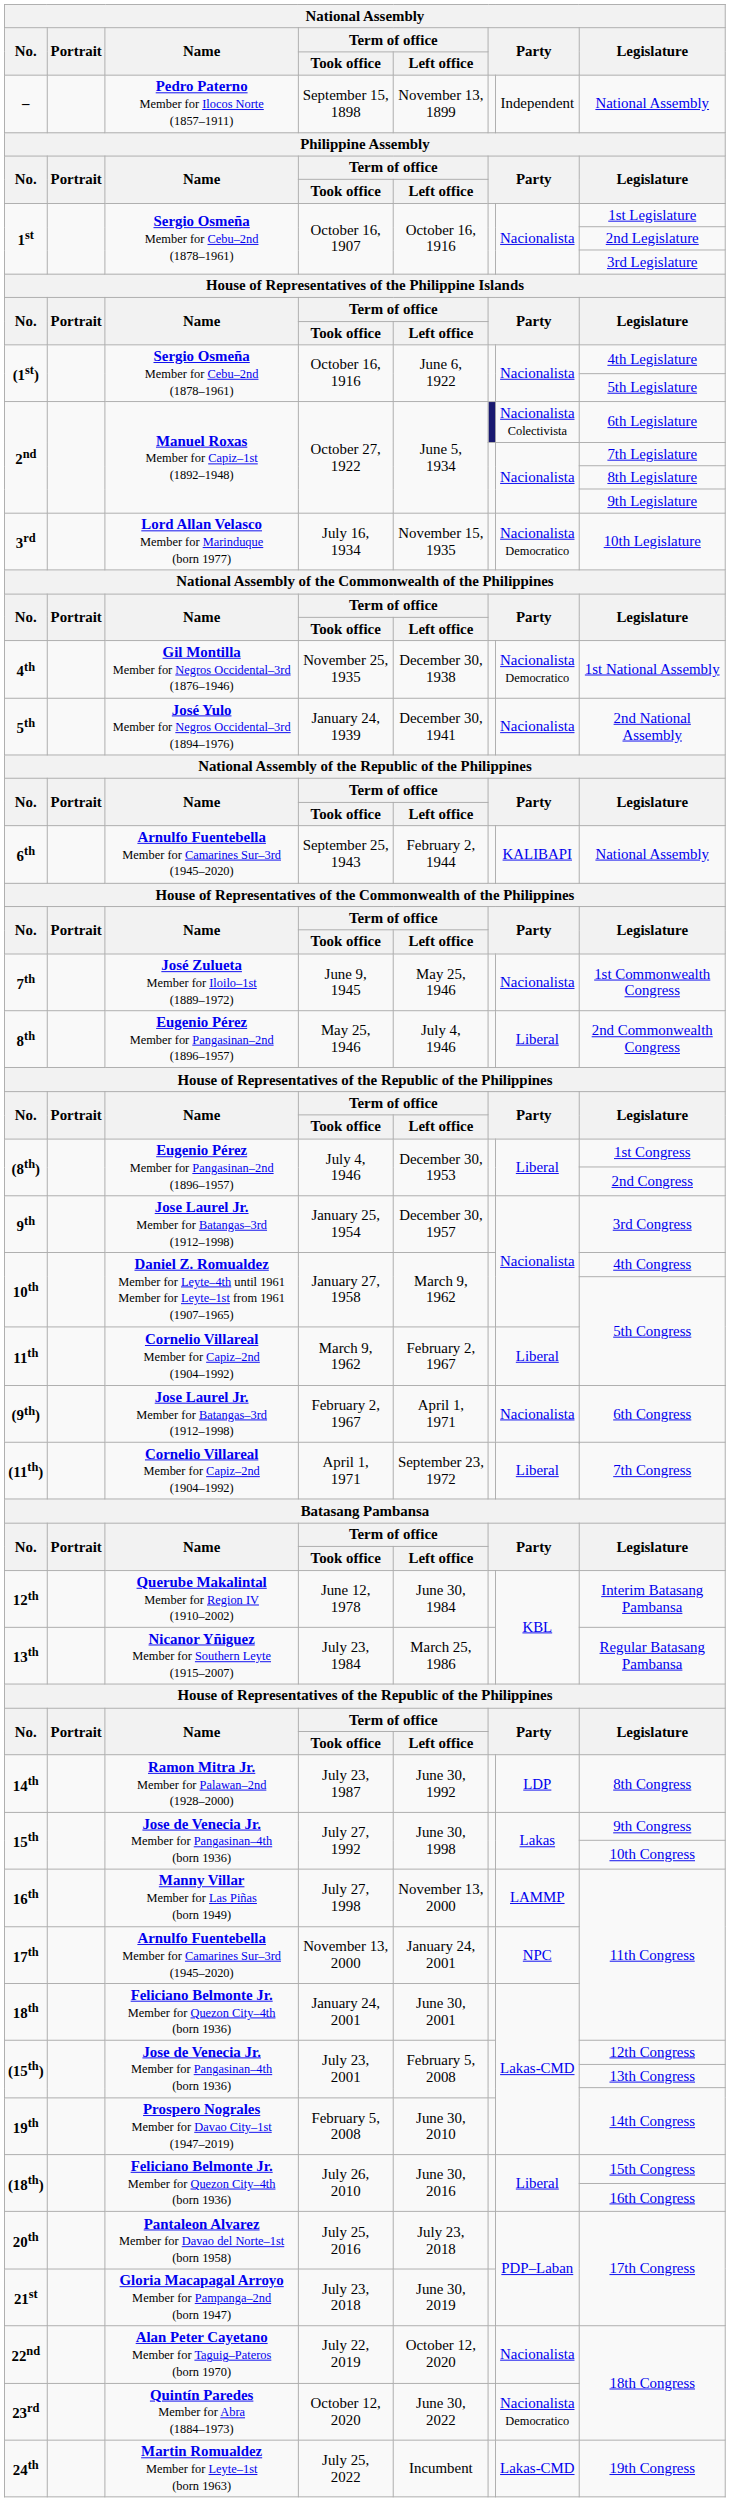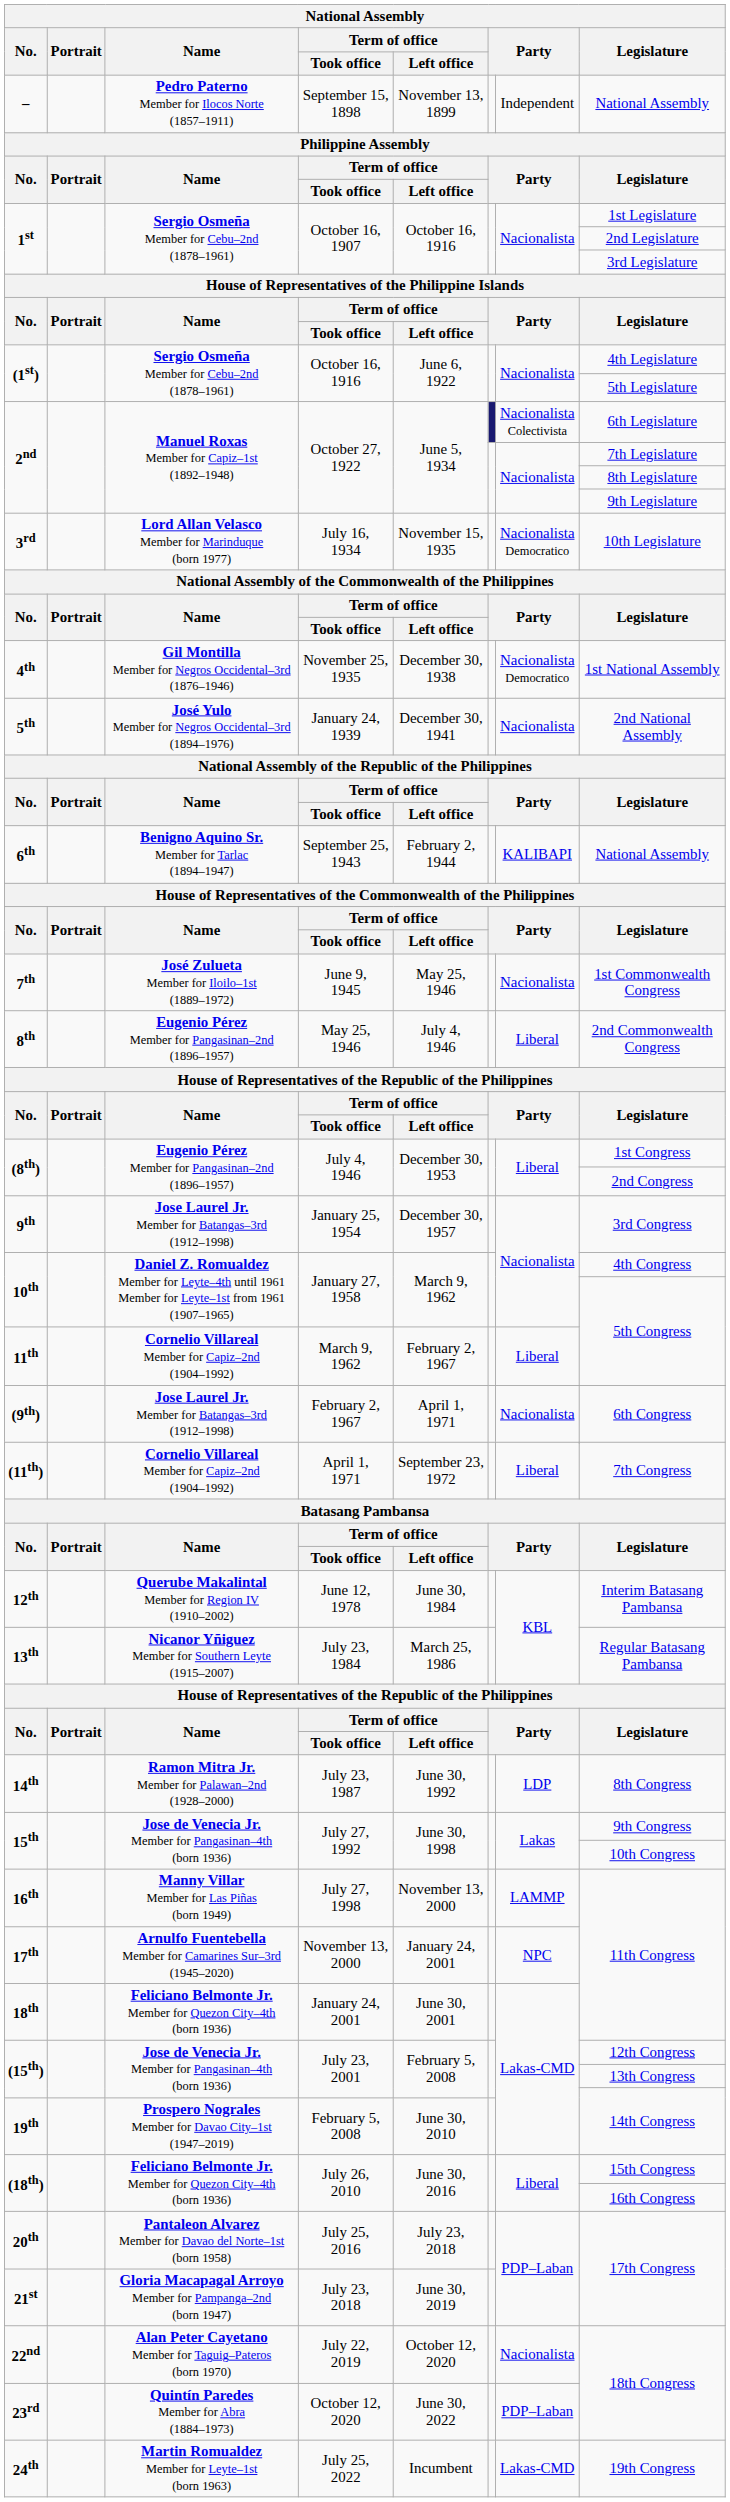 <table class="wikitable" style="text-align:center; border:1px #aaf solid;">
 <tr>
 <th colspan="8">National Assembly<br></th>
 </tr>
 <tr>
 <th rowspan="2">No.</th>
 <th rowspan="2">Portrait</th>
 <th rowspan="2" width="200">Name<br></th>
 <th colspan="2">Term of office</th>
 <th rowspan="2" colspan="2" width="90">Party</th>
 <th rowspan="2" width="150">Legislature</th>
 </tr>
 <tr>
 <th width="95">Took office</th>
 <th width="95">Left office</th>
 </tr>
 <tr>
 <td><strong>–</strong></td>
 <td></td>
 <td><strong><a href='#'>Pedro Paterno</a></strong><br><small>Member for <a href='#'>Ilocos Norte</a></small><br><small>(1857–1911)</small></td>
 <td>September 15,<br>1898</td>
 <td>November 13,<br>1899</td>
 <td style="background:"></td>
 <td>Independent</td>
 <td><a href='#'>National Assembly</a></td>
 </tr>
 <tr>
 <th colspan="8">Philippine Assembly<br></th>
 </tr>
 <tr>
 <th rowspan="2">No.</th>
 <th rowspan="2">Portrait</th>
 <th rowspan="2">Name<br></th>
 <th colspan="2">Term of office</th>
 <th colspan="2" rowspan="2">Party</th>
 <th rowspan="2">Legislature</th>
 </tr>
 <tr>
 <th>Took office</th>
 <th>Left office</th>
 </tr>
 <tr>
 <td rowspan="3"><strong>1<sup>st</sup></strong></td>
 <td rowspan="3"></td>
 <td rowspan="3"><strong><a href='#'>Sergio Osmeña</a></strong><br><small>Member for <a href='#'>Cebu–2nd</a></small><br><small>(1878–1961)</small></td>
 <td rowspan="3">October 16,<br>1907</td>
 <td rowspan="3">October 16,<br>1916</td>
 <td rowspan="3" style="background:"></td>
 <td rowspan="3"><a href='#'>Nacionalista</a></td>
 <td><a href='#'>1st Legislature</a></td>
 </tr>
 <tr>
 <td><a href='#'>2nd Legislature</a></td>
 </tr>
 <tr>
 <td><a href='#'>3rd Legislature</a></td>
 </tr>
 <tr>
 <th colspan="8">House of Representatives of the Philippine Islands<br></th>
 </tr>
 <tr>
 <th rowspan="2">No.</th>
 <th rowspan="2">Portrait</th>
 <th rowspan="2">Name<br></th>
 <th colspan="2">Term of office</th>
 <th colspan="2" rowspan="2">Party</th>
 <th rowspan="2">Legislature</th>
 </tr>
 <tr>
 <th>Took office</th>
 <th>Left office</th>
 </tr>
 <tr>
 <td rowspan="2"><strong>(1<sup>st</sup>)</strong></td>
 <td rowspan="2"></td>
 <td rowspan="2"><strong><a href='#'>Sergio Osmeña</a></strong><br><small>Member for <a href='#'>Cebu–2nd</a></small><br><small>(1878–1961)</small></td>
 <td rowspan="2">October 16,<br>1916</td>
 <td rowspan="2">June 6,<br>1922</td>
 <td rowspan="2" style="background:"></td>
 <td rowspan="2"><a href='#'>Nacionalista</a></td>
 <td><a href='#'>4th Legislature</a></td>
 </tr>
 <tr>
 <td><a href='#'>5th Legislature</a></td>
 </tr>
 <tr>
 <td rowspan="4"><strong>2<sup>nd</sup></strong></td>
 <td rowspan="4"></td>
 <td rowspan="4"><strong><a href='#'>Manuel Roxas</a></strong><br><small>Member for <a href='#'>Capiz–1st</a></small><br><small>(1892–1948)</small></td>
 <td rowspan="4">October 27,<br>1922</td>
 <td rowspan="4">June 5,<br>1934</td>
 <td style="background-color:#191970"></td>
 <td><a href='#'>Nacionalista</a><br><small>Colectivista</small></td>
 <td><a href='#'>6th Legislature</a></td>
 </tr>
 <tr>
 <td rowspan="3" style="background:"></td>
 <td rowspan="3"><a href='#'>Nacionalista</a></td>
 <td><a href='#'>7th Legislature</a></td>
 </tr>
 <tr>
 <td><a href='#'>8th Legislature</a></td>
 </tr>
 <tr>
 <td><a href='#'>9th Legislature</a></td>
 </tr>
 <tr>
 <td><strong>3<sup>rd</sup></strong></td>
 <td></td>
 <td><strong><a href='#'>Lord Allan Velasco</a></strong><br><small>Member for <a href='#'>Marinduque</a></small><br><small>(born 1977)</small></td>
 <td>July 16,<br>1934</td>
 <td>November 15,<br>1935</td>
 <td style="background:"></td>
 <td><a href='#'>Nacionalista</a><br><small>Democratico</small></td>
 <td><a href='#'>10th Legislature</a></td>
 </tr>
 <tr>
 <th colspan="8">National Assembly of the Commonwealth of the Philippines<br></th>
 </tr>
 <tr>
 <th rowspan="2">No.</th>
 <th rowspan="2">Portrait</th>
 <th rowspan="2">Name<br></th>
 <th colspan="2">Term of office</th>
 <th colspan="2" rowspan="2">Party</th>
 <th rowspan="2">Legislature</th>
 </tr>
 <tr>
 <th>Took office</th>
 <th>Left office</th>
 </tr>
 <tr>
 <td><strong>4<sup>th</sup></strong></td>
 <td></td>
 <td><strong><a href='#'>Gil Montilla</a></strong><br><small>Member for <a href='#'>Negros Occidental–3rd</a></small><br><small>(1876–1946)</small></td>
 <td>November 25,<br>1935</td>
 <td>December 30,<br>1938</td>
 <td style="background:"></td>
 <td><a href='#'>Nacionalista</a><br><small>Democratico</small></td>
 <td><a href='#'>1st National Assembly</a></td>
 </tr>
 <tr>
 <td><strong>5<sup>th</sup></strong></td>
 <td></td>
 <td><strong><a href='#'>José Yulo</a></strong><br><small>Member for <a href='#'>Negros Occidental–3rd</a></small><br><small>(1894–1976)</small></td>
 <td>January 24,<br>1939</td>
 <td>December 30,<br>1941</td>
 <td style="background:"></td>
 <td><a href='#'>Nacionalista</a></td>
 <td><a href='#'>2nd National Assembly</a></td>
 </tr>
 <tr>
 <th colspan="8">National Assembly of the Republic of the Philippines<br></th>
 </tr>
 <tr>
 <th rowspan="2">No.</th>
 <th rowspan="2">Portrait</th>
 <th rowspan="2">Name<br></th>
 <th colspan="2">Term of office</th>
 <th colspan="2" rowspan="2">Party</th>
 <th rowspan="2">Legislature</th>
 </tr>
 <tr>
 <th>Took office</th>
 <th>Left office</th>
 </tr>
 <tr>
 <td><strong>6<sup>th</sup></strong></td>
 <td></td>
-<td><strong><a href='#'>Arnulfo Fuentebella</a></strong><br><small>Member for <a href='#'>Camarines Sur–3rd</a></small><br><small>(1945–2020)</small></td>
+<td><strong><a href='#'>Benigno Aquino Sr.</a></strong><br><small>Member for <a href='#'>Tarlac</a></small><br><small>(1894–1947)</small></td>
 <td>September 25,<br>1943</td>
 <td>February 2,<br>1944</td>
 <td style="background:"></td>
 <td><a href='#'>KALIBAPI</a></td>
 <td><a href='#'>National Assembly</a></td>
 </tr>
 <tr>
 <th colspan="8">House of Representatives of the Commonwealth of the Philippines<br></th>
 </tr>
 <tr>
 <th rowspan="2">No.</th>
 <th rowspan="2">Portrait</th>
 <th rowspan="2">Name<br></th>
 <th colspan="2">Term of office</th>
 <th colspan="2" rowspan="2">Party</th>
 <th rowspan="2">Legislature</th>
 </tr>
 <tr>
 <th>Took office</th>
 <th>Left office</th>
 </tr>
 <tr>
 <td><strong>7<sup>th</sup></strong></td>
 <td></td>
 <td><strong><a href='#'>José Zulueta</a></strong><br><small>Member for <a href='#'>Iloilo–1st</a></small><br><small>(1889–1972)</small></td>
 <td>June 9,<br>1945</td>
 <td>May 25,<br>1946</td>
 <td style="background:"></td>
 <td><a href='#'>Nacionalista</a></td>
 <td><a href='#'>1st Commonwealth Congress</a></td>
 </tr>
 <tr>
 <td><strong>8<sup>th</sup></strong></td>
 <td></td>
 <td><strong><a href='#'>Eugenio Pérez</a></strong><br><small>Member for <a href='#'>Pangasinan–2nd</a></small><br><small>(1896–1957)</small></td>
 <td>May 25,<br>1946</td>
 <td>July 4,<br>1946</td>
 <td style="background:"></td>
 <td><a href='#'>Liberal</a></td>
 <td><a href='#'>2nd Commonwealth Congress</a></td>
 </tr>
 <tr>
 <th colspan="8">House of Representatives of the Republic of the Philippines<br></th>
 </tr>
 <tr>
 <th rowspan="2">No.</th>
 <th rowspan="2">Portrait</th>
 <th rowspan="2">Name<br></th>
 <th colspan="2">Term of office</th>
 <th colspan="2" rowspan="2">Party</th>
 <th rowspan="2">Legislature</th>
 </tr>
 <tr>
 <th>Took office</th>
 <th>Left office</th>
 </tr>
 <tr>
 <td rowspan="2"><strong>(8<sup>th</sup>)</strong></td>
 <td rowspan="2"></td>
 <td rowspan="2"><strong><a href='#'>Eugenio Pérez</a></strong><br><small>Member for <a href='#'>Pangasinan–2nd</a></small><br><small>(1896–1957)</small></td>
 <td rowspan="2">July 4,<br>1946</td>
 <td rowspan="2">December 30,<br>1953</td>
 <td rowspan="2" style="background:"></td>
 <td rowspan="2"><a href='#'>Liberal</a></td>
 <td><a href='#'>1st Congress</a></td>
 </tr>
 <tr>
 <td><a href='#'>2nd Congress</a></td>
 </tr>
 <tr>
 <td><strong>9<sup>th</sup></strong></td>
 <td></td>
 <td><strong><a href='#'>Jose Laurel Jr.</a></strong><br><small>Member for <a href='#'>Batangas–3rd</a></small><br><small>(1912–1998)</small></td>
 <td>January 25,<br>1954</td>
 <td>December 30,<br>1957</td>
 <td style="background:"></td>
 <td rowspan="3"><a href='#'>Nacionalista</a></td>
 <td><a href='#'>3rd Congress</a></td>
 </tr>
 <tr>
 <td rowspan="2"><strong>10<sup>th</sup></strong></td>
 <td rowspan="2"></td>
 <td rowspan="2"><strong><a href='#'>Daniel Z. Romualdez</a></strong><br><small>Member for <a href='#'>Leyte–4th</a> until 1961<br>Member for <a href='#'>Leyte–1st</a> from 1961</small><br><small>(1907–1965)</small></td>
 <td rowspan="2">January 27,<br>1958</td>
 <td rowspan="2">March 9,<br>1962</td>
 <td rowspan="2" style="background:"></td>
 <td><a href='#'>4th Congress</a></td>
 </tr>
 <tr>
 <td rowspan="2"><a href='#'>5th Congress</a></td>
 </tr>
 <tr style="height:63px">
 <td rowspan="2"><strong>11<sup>th</sup></strong></td>
 <td rowspan="2"></td>
 <td rowspan="2"><strong><a href='#'>Cornelio Villareal</a></strong><br><small>Member for <a href='#'>Capiz–2nd</a></small><br><small>(1904–1992)</small></td>
 <td rowspan="2">March 9,<br>1962</td>
 <td rowspan="2">February 2,<br>1967</td>
 <td rowspan="2" style="background:"></td>
 <td rowspan="2"><a href='#'>Liberal</a></td>
 </tr>
 <tr>
 <td rowspan="2"><a href='#'>6th Congress</a></td>
 </tr>
 <tr style="height:61px">
 <td rowspan="2"><strong>(9<sup>th</sup>)</strong></td>
 <td rowspan="2"></td>
 <td rowspan="2"><strong><a href='#'>Jose Laurel Jr.</a></strong><br><small>Member for <a href='#'>Batangas–3rd</a></small><br><small>(1912–1998)</small></td>
 <td rowspan="2">February 2,<br>1967</td>
 <td rowspan="2">April 1,<br>1971</td>
 <td rowspan="2" style="background:"></td>
 <td rowspan="2"><a href='#'>Nacionalista</a></td>
 </tr>
 <tr>
 <td rowspan="2"><a href='#'>7th Congress</a></td>
 </tr>
 <tr>
 <td><strong>(11<sup>th</sup>)</strong></td>
 <td></td>
 <td><strong><a href='#'>Cornelio Villareal</a></strong><br><small>Member for <a href='#'>Capiz–2nd</a></small><br><small>(1904–1992)</small></td>
 <td>April 1,<br>1971</td>
 <td>September 23,<br>1972</td>
 <td style="background:"></td>
 <td><a href='#'>Liberal</a></td>
 </tr>
 <tr>
 <th colspan="8">Batasang Pambansa<br></th>
 </tr>
 <tr>
 <th rowspan="2">No.</th>
 <th rowspan="2">Portrait</th>
 <th rowspan="2">Name<br></th>
 <th colspan="2">Term of office</th>
 <th colspan="2" rowspan="2">Party</th>
 <th rowspan="2">Legislature</th>
 </tr>
 <tr>
 <th>Took office</th>
 <th>Left office</th>
 </tr>
 <tr>
 <td><strong>12<sup>th</sup></strong></td>
 <td></td>
 <td><strong><a href='#'>Querube Makalintal</a></strong><br><small>Member for <a href='#'>Region IV</a></small><br><small>(1910–2002)</small></td>
 <td>June 12,<br>1978</td>
 <td>June 30,<br>1984</td>
 <td style="background:"></td>
 <td rowspan="2"><a href='#'>KBL</a></td>
 <td><a href='#'>Interim Batasang Pambansa</a></td>
 </tr>
 <tr>
 <td><strong>13<sup>th</sup></strong></td>
 <td></td>
 <td><strong><a href='#'>Nicanor Yñiguez</a></strong><br><small>Member for <a href='#'>Southern Leyte</a></small><br><small>(1915–2007)</small></td>
 <td>July 23,<br>1984</td>
 <td>March 25,<br>1986</td>
 <td style="background:"></td>
 <td><a href='#'>Regular Batasang Pambansa</a></td>
 </tr>
 <tr>
 <th colspan="8">House of Representatives of the Republic of the Philippines<br></th>
 </tr>
 <tr>
 <th rowspan="2">No.</th>
 <th rowspan="2">Portrait</th>
 <th rowspan="2">Name<br></th>
 <th colspan="2">Term of office</th>
 <th colspan="2" rowspan="2">Party</th>
 <th rowspan="2">Legislature</th>
 </tr>
 <tr>
 <th>Took office</th>
 <th>Left office</th>
 </tr>
 <tr>
 <td><strong>14<sup>th</sup></strong></td>
 <td></td>
 <td><strong><a href='#'>Ramon Mitra Jr.</a></strong><br><small>Member for <a href='#'>Palawan–2nd</a></small><br><small>(1928–2000)</small></td>
 <td>July 23,<br>1987</td>
 <td>June 30,<br>1992</td>
 <td style="background:"></td>
 <td><a href='#'>LDP</a></td>
 <td><a href='#'>8th Congress</a></td>
 </tr>
 <tr>
 <td rowspan="2"><strong>15<sup>th</sup></strong></td>
 <td rowspan="2"></td>
 <td rowspan="2"><strong><a href='#'>Jose de Venecia Jr.</a></strong><br><small>Member for <a href='#'>Pangasinan–4th</a></small><br><small>(born 1936)</small></td>
 <td rowspan="2">July 27,<br>1992</td>
 <td rowspan="2">June 30,<br>1998</td>
 <td rowspan="2" style="background:"></td>
 <td rowspan="2"><a href='#'>Lakas</a></td>
 <td><a href='#'>9th Congress</a></td>
 </tr>
 <tr>
 <td><a href='#'>10th Congress</a></td>
 </tr>
 <tr>
 <td><strong>16<sup>th</sup></strong></td>
 <td></td>
 <td><strong><a href='#'>Manny Villar</a></strong><br><small>Member for <a href='#'>Las Piñas</a></small><br><small>(born 1949)</small></td>
 <td>July 27,<br>1998</td>
 <td>November 13,<br>2000</td>
 <td style="background:"></td>
 <td><a href='#'>LAMMP</a></td>
 <td rowspan="3"><a href='#'>11th Congress</a></td>
 </tr>
 <tr>
 <td><strong>17<sup>th</sup></strong></td>
 <td></td>
 <td><strong><a href='#'>Arnulfo Fuentebella</a></strong><br><small>Member for <a href='#'>Camarines Sur–3rd</a></small><br><small>(1945–2020)</small></td>
 <td>November 13,<br>2000</td>
 <td>January 24,<br>2001</td>
 <td style="background:"></td>
 <td><a href='#'>NPC</a></td>
 </tr>
 <tr>
 <td><strong>18<sup>th</sup></strong></td>
 <td></td>
 <td><strong><a href='#'>Feliciano Belmonte Jr.</a></strong><br><small>Member for <a href='#'>Quezon City–4th</a></small><br><small>(born 1936)</small></td>
 <td>January 24,<br>2001</td>
 <td>June 30,<br>2001</td>
 <td style="background:"></td>
 <td rowspan="5"><a href='#'>Lakas-CMD</a></td>
 </tr>
 <tr>
 <td rowspan="3"><strong>(15<sup>th</sup>)</strong></td>
 <td rowspan="3"></td>
 <td rowspan="3"><strong><a href='#'>Jose de Venecia Jr.</a></strong><br><small>Member for <a href='#'>Pangasinan–4th</a></small><br><small>(born 1936)</small></td>
 <td rowspan="3">July 23,<br>2001</td>
 <td rowspan="3">February 5,<br>2008</td>
 <td rowspan="3" style="background:"></td>
 <td><a href='#'>12th Congress</a></td>
 </tr>
 <tr>
 <td><a href='#'>13th Congress</a></td>
 </tr>
 <tr>
 <td rowspan="2"><a href='#'>14th Congress</a></td>
 </tr>
 <tr>
 <td><strong>19<sup>th</sup></strong></td>
 <td></td>
 <td><strong><a href='#'>Prospero Nograles</a></strong><br><small>Member for <a href='#'>Davao City–1st</a></small><br><small>(1947–2019)</small></td>
 <td>February 5,<br>2008</td>
 <td>June 30,<br>2010</td>
 <td style="background:"></td>
 </tr>
 <tr>
 <td rowspan="2"><strong>(18<sup>th</sup>)</strong></td>
 <td rowspan="2"></td>
 <td rowspan="2"><strong><a href='#'>Feliciano Belmonte Jr.</a></strong><br><small>Member for <a href='#'>Quezon City–4th</a></small><br><small>(born 1936)</small></td>
 <td rowspan="2">July 26,<br>2010</td>
 <td rowspan="2">June 30,<br>2016</td>
 <td rowspan="2" style="background:"></td>
 <td rowspan="2"><a href='#'>Liberal</a></td>
 <td><a href='#'>15th Congress</a></td>
 </tr>
 <tr>
 <td><a href='#'>16th Congress</a></td>
 </tr>
 <tr>
 <td><strong>20<sup>th</sup></strong></td>
 <td></td>
 <td><strong><a href='#'>Pantaleon Alvarez</a></strong><br><small>Member for <a href='#'>Davao del Norte–1st</a></small><br><small>(born 1958)</small></td>
 <td>July 25,<br>2016</td>
 <td>July 23,<br>2018</td>
 <td style="background:"></td>
 <td rowspan="2"><a href='#'>PDP–Laban</a></td>
 <td rowspan="2"><a href='#'>17th Congress</a></td>
 </tr>
 <tr>
 <td><strong>21<sup>st</sup></strong></td>
 <td></td>
 <td><strong><a href='#'>Gloria Macapagal Arroyo</a></strong><br><small>Member for <a href='#'>Pampanga–2nd</a></small><br><small>(born 1947)</small></td>
 <td>July 23,<br>2018</td>
 <td>June 30,<br>2019</td>
 <td style="background:"></td>
 </tr>
 <tr>
 <td><strong>22<sup>nd</sup></strong></td>
 <td></td>
 <td><strong><a href='#'>Alan Peter Cayetano</a></strong><br><small>Member for <a href='#'>Taguig–Pateros</a></small><br><small>(born 1970)</small></td>
 <td>July 22,<br>2019</td>
 <td>October 12,<br>2020</td>
 <td style="background:"></td>
 <td><a href='#'>Nacionalista</a></td>
 <td rowspan="2"><a href='#'>18th Congress</a></td>
 </tr>
 <tr>
 <td><strong>23<sup>rd</sup></strong></td>
 <td></td>
 <td><strong><a href='#'>Quintín Paredes</a></strong><br><small>Member for <a href='#'>Abra</a></small><br><small>(1884–1973)</small></td>
 <td>October 12,<br>2020</td>
 <td>June 30,<br>2022</td>
 <td style="background:"></td>
-<td><a href='#'>Nacionalista</a><br><small>Democratico</small></td>
+<td><a href='#'>PDP–Laban</a></td>
 </tr>
 <tr>
 <td><strong>24<sup>th</sup></strong></td>
 <td></td>
 <td><strong><a href='#'>Martin Romualdez</a></strong><br><small>Member for <a href='#'>Leyte–1st</a></small><br><small>(born 1963)</small></td>
 <td>July 25,<br>2022</td>
 <td>Incumbent</td>
 <td style="background:"></td>
 <td><a href='#'>Lakas-CMD</a></td>
 <td><a href='#'>19th Congress</a></td>
 </tr>
 </table>
